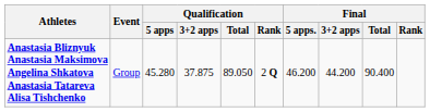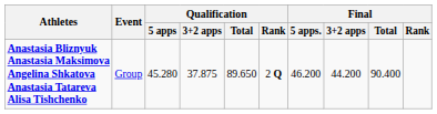 <table class="wikitable" style="text-align:center; font-size:90%">
 <tr>
 <th rowspan=2>Athletes</th>
 <th rowspan=2>Event</th>
 <th colspan=4>Qualification</th>
 <th colspan=4>Final</th>
 </tr>
 <tr style="font-size:95%">
 <th>5 apps</th>
 <th>3+2 apps</th>
 <th>Total</th>
 <th>Rank</th>
 <th>5 apps.</th>
 <th>3+2 apps</th>
 <th>Total</th>
 <th>Rank</th>
 </tr>
 <tr>
 <td align=left><strong><a href='#'>Anastasia Bliznyuk</a><br><a href='#'>Anastasia Maksimova</a><br><a href='#'>Angelina Shkatova</a><br><a href='#'>Anastasia Tatareva</a><br><a href='#'>Alisa Tishchenko</a></strong></td>
 <td align=left><a href='#'>Group</a></td>
 <td>45.280</td>
 <td>37.875</td>
-<td>89.050</td>
+<td>89.650</td>
 <td>2 <strong>Q</strong></td>
 <td>46.200</td>
 <td>44.200</td>
 <td>90.400</td>
 <td></td>
 </tr>
 </table>
